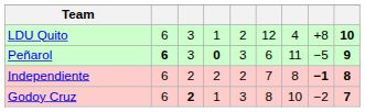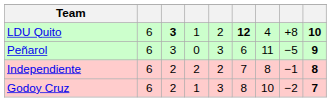 <table class="wikitable" style="text-align:center;">
 <tr>
 </tr>
 <tr>
 <th width="175">Team</th>
 <th width="25"></th>
 <th width="25"></th>
 <th width="25"></th>
 <th width="25"></th>
 <th width="25"></th>
 <th width="25"></th>
 <th width="25"></th>
 <th width="25"></th>
 </tr>
 <tr bgcolor=CCFFCC>
 <td align=left> <a href='#'>LDU Quito</a></td>
 <td>6</td>
-<td>3</td>
+<td><strong>3</strong></td>
 <td>1</td>
 <td>2</td>
-<td>12</td>
+<td><strong>12</strong></td>
 <td>4</td>
 <td>+8</td>
 <td><strong>10</strong></td>
 </tr>
 <tr bgcolor=CCFFCC>
 <td align=left> <a href='#'>Peñarol</a></td>
-<td><strong>6</strong></td>
+<td>6</td>
 <td>3</td>
-<td><strong>0</strong></td>
+<td>0</td>
 <td>3</td>
 <td>6</td>
 <td>11</td>
 <td>−5</td>
 <td><strong>9</strong></td>
 </tr>
 <tr bgcolor=#ffcccc>
 <td align=left> <a href='#'>Independiente</a></td>
 <td>6</td>
 <td>2</td>
 <td>2</td>
 <td>2</td>
 <td>7</td>
 <td>8</td>
-<td><strong>−1</strong></td>
+<td>−1</td>
 <td><strong>8</strong></td>
 </tr>
 <tr bgcolor=#ffcccc>
 <td align=left> <a href='#'>Godoy Cruz</a></td>
 <td>6</td>
-<td><strong>2</strong></td>
+<td>2</td>
 <td>1</td>
 <td>3</td>
 <td>8</td>
 <td>10</td>
 <td>−2</td>
 <td><strong>7</strong></td>
 </tr>
 </table>
